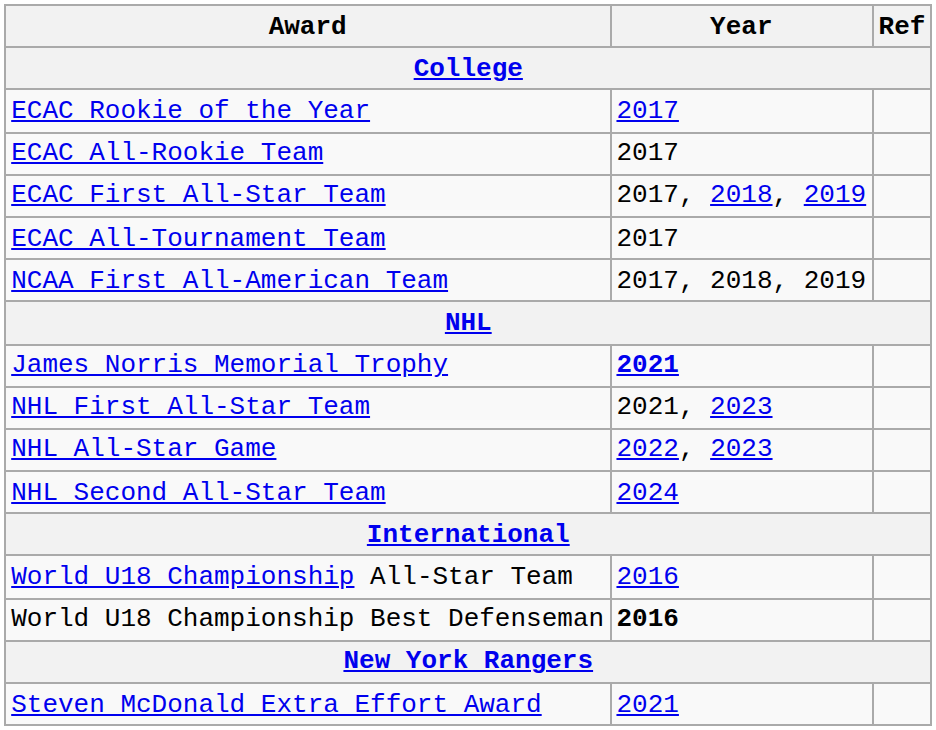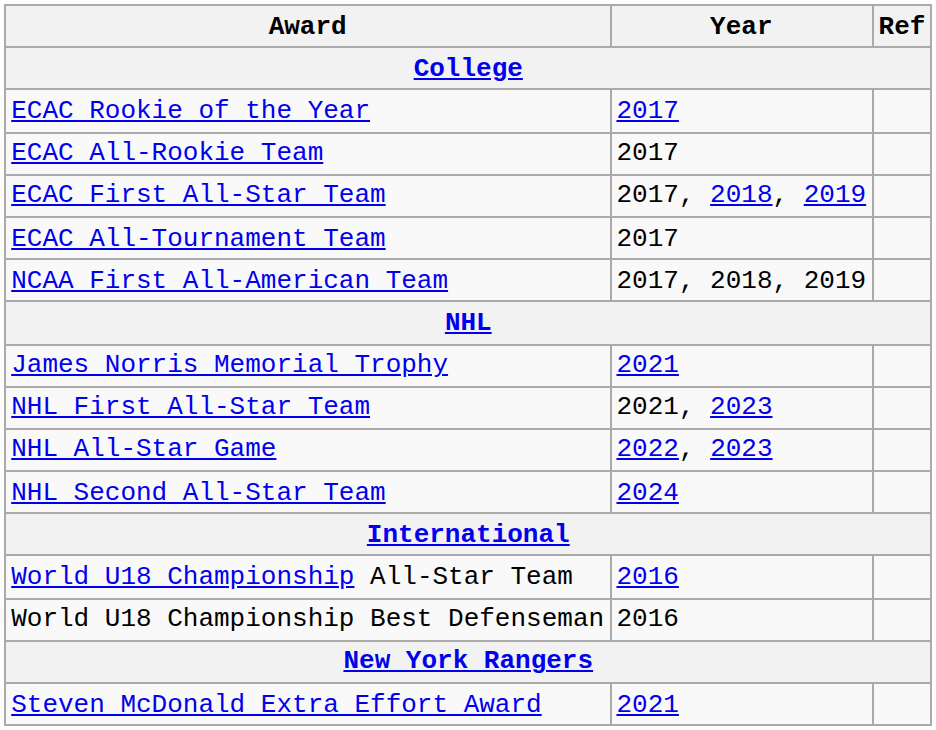 <table class="wikitable">
 <tr>
 <th>Award</th>
 <th>Year</th>
 <th>Ref</th>
 </tr>
 <tr>
 <th colspan="3"><a href='#'>College</a></th>
 </tr>
 <tr>
 <td><a href='#'>ECAC Rookie of the Year</a></td>
 <td><a href='#'>2017</a></td>
 <td></td>
 </tr>
 <tr>
 <td><a href='#'>ECAC All-Rookie Team</a></td>
 <td>2017</td>
 <td></td>
 </tr>
 <tr>
 <td><a href='#'>ECAC First All-Star Team</a></td>
 <td>2017, <a href='#'>2018</a>, <a href='#'>2019</a></td>
 <td></td>
 </tr>
 <tr>
 <td><a href='#'>ECAC All-Tournament Team</a></td>
 <td>2017</td>
 <td></td>
 </tr>
 <tr>
 <td><a href='#'>NCAA First All-American Team</a></td>
 <td>2017, 2018, 2019</td>
 <td></td>
 </tr>
 <tr>
 <th colspan="3"><a href='#'>NHL</a></th>
 </tr>
 <tr>
 <td><a href='#'>James Norris Memorial Trophy</a></td>
-<td><strong><a href='#'>2021</a></strong></td>
+<td><a href='#'>2021</a></td>
 <td></td>
 </tr>
 <tr>
 <td><a href='#'>NHL First All-Star Team</a></td>
 <td>2021, <a href='#'>2023</a></td>
 <td></td>
 </tr>
 <tr>
 <td><a href='#'>NHL All-Star Game</a></td>
 <td><a href='#'>2022</a>, <a href='#'>2023</a></td>
 <td></td>
 </tr>
 <tr>
 <td><a href='#'>NHL Second All-Star Team</a></td>
 <td><a href='#'>2024</a></td>
 <td></td>
 </tr>
 <tr>
 <th colspan="3"><a href='#'>International</a></th>
 </tr>
 <tr>
 <td><a href='#'>World U18 Championship</a> All-Star Team</td>
 <td><a href='#'>2016</a></td>
 <td></td>
 </tr>
 <tr>
 <td>World U18 Championship Best Defenseman</td>
-<td><strong>2016</strong></td>
+<td>2016</td>
 <td></td>
 </tr>
 <tr>
 <th colspan="3"><a href='#'>New York Rangers</a></th>
 </tr>
 <tr>
 <td><a href='#'>Steven McDonald Extra Effort Award</a></td>
 <td><a href='#'>2021</a></td>
 <td></td>
 </tr>
 </table>
